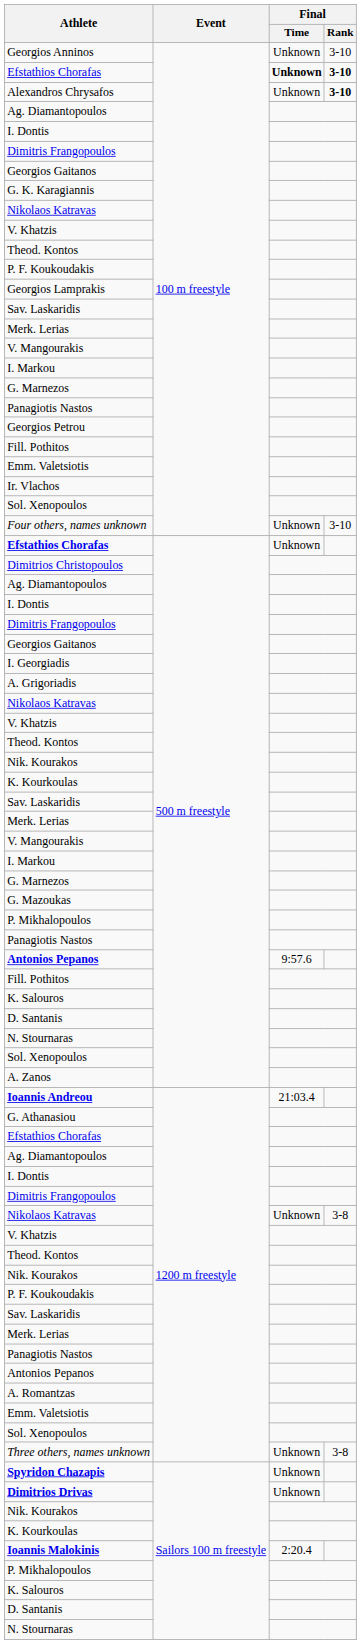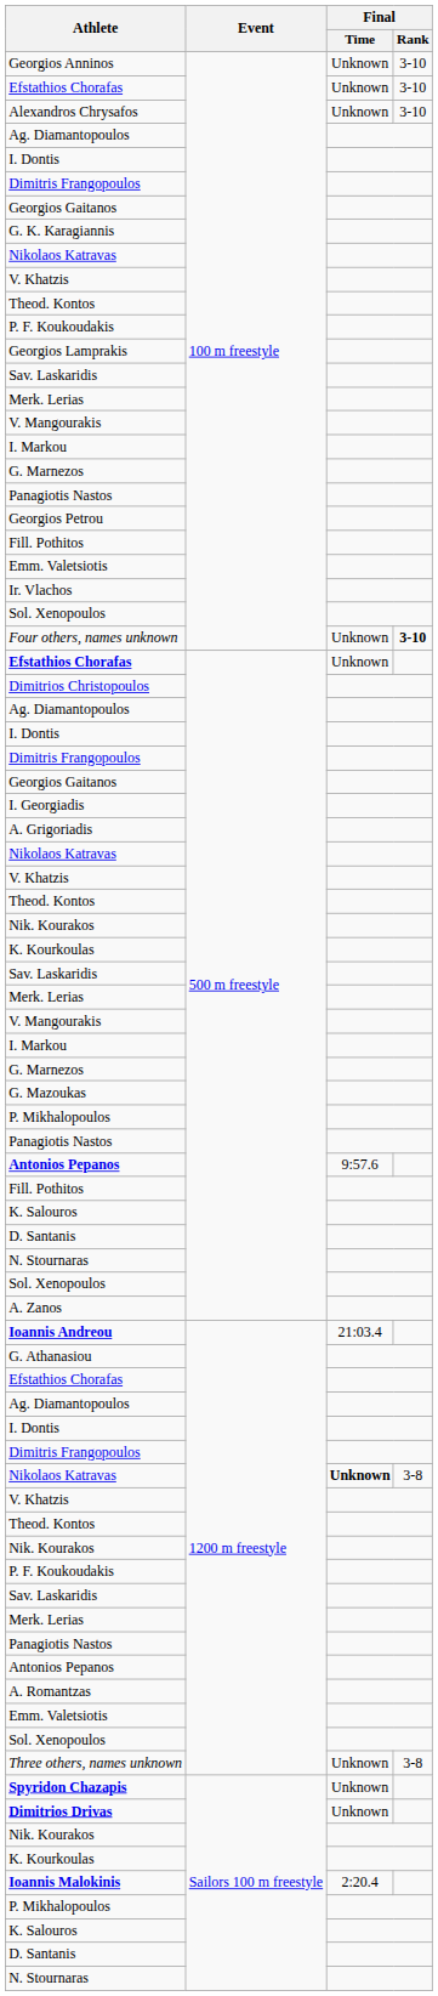 <table class=wikitable style=font-size:90%;text-align:center>
 <tr>
 <th rowspan=2>Athlete</th>
 <th rowspan=2>Event</th>
 <th colspan=2>Final</th>
 </tr>
 <tr style=font-size:95%>
 <th>Time</th>
 <th>Rank</th>
 </tr>
 <tr>
 <td align=left>Georgios Anninos</td>
 <td align=left rowspan=25><a href='#'>100 m freestyle</a></td>
 <td>Unknown</td>
 <td>3-10</td>
 </tr>
 <tr>
 <td align=left><a href='#'>Efstathios Chorafas</a></td>
-<td><strong>Unknown</strong></td>
-<td><strong>3-10</strong></td>
+<td>Unknown</td>
+<td>3-10</td>
 </tr>
 <tr>
 <td align=left>Alexandros Chrysafos</td>
 <td>Unknown</td>
-<td><strong>3-10</strong></td>
+<td>3-10</td>
 </tr>
 <tr>
 <td align=left>Ag. Diamantopoulos</td>
 <td colspan=2></td>
 </tr>
 <tr>
 <td align=left>I. Dontis</td>
 <td colspan=2></td>
 </tr>
 <tr>
 <td align=left><a href='#'>Dimitris Frangopoulos</a></td>
 <td colspan=2></td>
 </tr>
 <tr>
 <td align=left>Georgios Gaitanos</td>
 <td colspan=2></td>
 </tr>
 <tr>
 <td align=left>G. K. Karagiannis</td>
 <td colspan=2></td>
 </tr>
 <tr>
 <td align=left><a href='#'>Nikolaos Katravas</a></td>
 <td colspan=2></td>
 </tr>
 <tr>
 <td align=left>V. Khatzis</td>
 <td colspan=2></td>
 </tr>
 <tr>
 <td align=left>Theod. Kontos</td>
 <td colspan=2></td>
 </tr>
 <tr>
 <td align=left>P. F. Koukoudakis</td>
 <td colspan=2></td>
 </tr>
 <tr>
 <td align=left>Georgios Lamprakis</td>
 <td colspan=2></td>
 </tr>
 <tr>
 <td align=left>Sav. Laskaridis</td>
 <td colspan=2></td>
 </tr>
 <tr>
 <td align=left>Merk. Lerias</td>
 <td colspan=2></td>
 </tr>
 <tr>
 <td align=left>V. Mangourakis</td>
 <td colspan=2></td>
 </tr>
 <tr>
 <td align=left>I. Markou</td>
 <td colspan=2></td>
 </tr>
 <tr>
 <td align=left>G. Marnezos</td>
 <td colspan=2></td>
 </tr>
 <tr>
 <td align=left>Panagiotis Nastos</td>
 <td colspan=2></td>
 </tr>
 <tr>
 <td align=left>Georgios Petrou</td>
 <td colspan=2></td>
 </tr>
 <tr>
 <td align=left>Fill. Pothitos</td>
 <td colspan=2></td>
 </tr>
 <tr>
 <td align=left>Emm. Valetsiotis</td>
 <td colspan=2></td>
 </tr>
 <tr>
 <td align=left>Ir. Vlachos</td>
 <td colspan=2></td>
 </tr>
 <tr>
 <td align=left>Sol. Xenopoulos</td>
 <td colspan=2></td>
 </tr>
 <tr>
 <td align=left><em>Four others, names unknown</em></td>
 <td>Unknown</td>
-<td>3-10</td>
+<td><strong>3-10</strong></td>
 </tr>
 <tr>
 <td align=left><strong><a href='#'>Efstathios Chorafas</a></strong></td>
 <td align=left rowspan=28><a href='#'>500 m freestyle</a></td>
 <td>Unknown</td>
 <td></td>
 </tr>
 <tr>
 <td align=left><a href='#'>Dimitrios Christopoulos</a></td>
 <td colspan=2></td>
 </tr>
 <tr>
 <td align=left>Ag. Diamantopoulos</td>
 <td colspan=2></td>
 </tr>
 <tr>
 <td align=left>I. Dontis</td>
 <td colspan=2></td>
 </tr>
 <tr>
 <td align=left><a href='#'>Dimitris Frangopoulos</a></td>
 <td colspan=2></td>
 </tr>
 <tr>
 <td align=left>Georgios Gaitanos</td>
 <td colspan=2></td>
 </tr>
 <tr>
 <td align=left>I. Georgiadis</td>
 <td colspan=2></td>
 </tr>
 <tr>
 <td align=left>A. Grigoriadis</td>
 <td colspan=2></td>
 </tr>
 <tr>
 <td align=left><a href='#'>Nikolaos Katravas</a></td>
 <td colspan=2></td>
 </tr>
 <tr>
 <td align=left>V. Khatzis</td>
 <td colspan=2></td>
 </tr>
 <tr>
 <td align=left>Theod. Kontos</td>
 <td colspan=2></td>
 </tr>
 <tr>
 <td align=left>Nik. Kourakos</td>
 <td colspan=2></td>
 </tr>
 <tr>
 <td align=left>K. Kourkoulas</td>
 <td colspan=2></td>
 </tr>
 <tr>
 <td align=left>Sav. Laskaridis</td>
 <td colspan=2></td>
 </tr>
 <tr>
 <td align=left>Merk. Lerias</td>
 <td colspan=2></td>
 </tr>
 <tr>
 <td align=left>V. Mangourakis</td>
 <td colspan=2></td>
 </tr>
 <tr>
 <td align=left>I. Markou</td>
 <td colspan=2></td>
 </tr>
 <tr>
 <td align=left>G. Marnezos</td>
 <td colspan=2></td>
 </tr>
 <tr>
 <td align=left>G. Mazoukas</td>
 <td colspan=2></td>
 </tr>
 <tr>
 <td align=left>P. Mikhalopoulos</td>
 <td colspan=2></td>
 </tr>
 <tr>
 <td align=left>Panagiotis Nastos</td>
 <td colspan=2></td>
 </tr>
 <tr>
 <td align=left><strong><a href='#'>Antonios Pepanos</a></strong></td>
 <td>9:57.6</td>
 <td></td>
 </tr>
 <tr>
 <td align=left>Fill. Pothitos</td>
 <td colspan=2></td>
 </tr>
 <tr>
 <td align=left>K. Salouros</td>
 <td colspan=2></td>
 </tr>
 <tr>
 <td align=left>D. Santanis</td>
 <td colspan=2></td>
 </tr>
 <tr>
 <td align=left>N. Stournaras</td>
 <td colspan=2></td>
 </tr>
 <tr>
 <td align=left>Sol. Xenopoulos</td>
 <td colspan=2></td>
 </tr>
 <tr>
 <td align=left>A. Zanos</td>
 <td colspan=2></td>
 </tr>
 <tr>
 <td align=left><strong><a href='#'>Ioannis Andreou</a></strong></td>
 <td align=left rowspan=19><a href='#'>1200 m freestyle</a></td>
 <td>21:03.4</td>
 <td></td>
 </tr>
 <tr>
 <td align=left>G. Athanasiou</td>
 <td colspan=2></td>
 </tr>
 <tr>
 <td align=left><a href='#'>Efstathios Chorafas</a></td>
 <td colspan=2></td>
 </tr>
 <tr>
 <td align=left>Ag. Diamantopoulos</td>
 <td colspan=2></td>
 </tr>
 <tr>
 <td align=left>I. Dontis</td>
 <td colspan=2></td>
 </tr>
 <tr>
 <td align=left><a href='#'>Dimitris Frangopoulos</a></td>
 <td colspan=2></td>
 </tr>
 <tr>
 <td align=left><a href='#'>Nikolaos Katravas</a></td>
-<td>Unknown</td>
+<td><strong>Unknown</strong></td>
 <td>3-8</td>
 </tr>
 <tr>
 <td align=left>V. Khatzis</td>
 <td colspan=2></td>
 </tr>
 <tr>
 <td align=left>Theod. Kontos</td>
 <td colspan=2></td>
 </tr>
 <tr>
 <td align=left>Nik. Kourakos</td>
 <td colspan=2></td>
 </tr>
 <tr>
 <td align=left>P. F. Koukoudakis</td>
 <td colspan=2></td>
 </tr>
 <tr>
 <td align=left>Sav. Laskaridis</td>
 <td colspan=2></td>
 </tr>
 <tr>
 <td align=left>Merk. Lerias</td>
 <td colspan=2></td>
 </tr>
 <tr>
 <td align=left>Panagiotis Nastos</td>
 <td colspan=2></td>
 </tr>
 <tr>
 <td align=left>Antonios Pepanos</td>
 <td colspan=2></td>
 </tr>
 <tr>
 <td align=left>A. Romantzas</td>
 <td colspan=2></td>
 </tr>
 <tr>
 <td align=left>Emm. Valetsiotis</td>
 <td colspan=2></td>
 </tr>
 <tr>
 <td align=left>Sol. Xenopoulos</td>
 <td colspan=2></td>
 </tr>
 <tr>
 <td align=left><em>Three others, names unknown</em></td>
 <td>Unknown</td>
 <td>3-8</td>
 </tr>
 <tr>
 <td align=left><strong><a href='#'>Spyridon Chazapis</a></strong></td>
 <td align=left rowspan=9><a href='#'>Sailors 100 m freestyle</a></td>
 <td>Unknown</td>
 <td></td>
 </tr>
 <tr>
 <td align=left><strong><a href='#'>Dimitrios Drivas</a></strong></td>
 <td>Unknown</td>
 <td></td>
 </tr>
 <tr>
 <td align=left>Nik. Kourakos</td>
 <td colspan=2></td>
 </tr>
 <tr>
 <td align=left>K. Kourkoulas</td>
 <td colspan=2></td>
 </tr>
 <tr>
 <td align=left><strong><a href='#'>Ioannis Malokinis</a></strong></td>
 <td>2:20.4</td>
 <td></td>
 </tr>
 <tr>
 <td align=left>P. Mikhalopoulos</td>
 <td colspan=2></td>
 </tr>
 <tr>
 <td align=left>K. Salouros</td>
 <td colspan=2></td>
 </tr>
 <tr>
 <td align=left>D. Santanis</td>
 <td colspan=2></td>
 </tr>
 <tr>
 <td align=left>N. Stournaras</td>
 <td colspan=2></td>
 </tr>
 </table>
